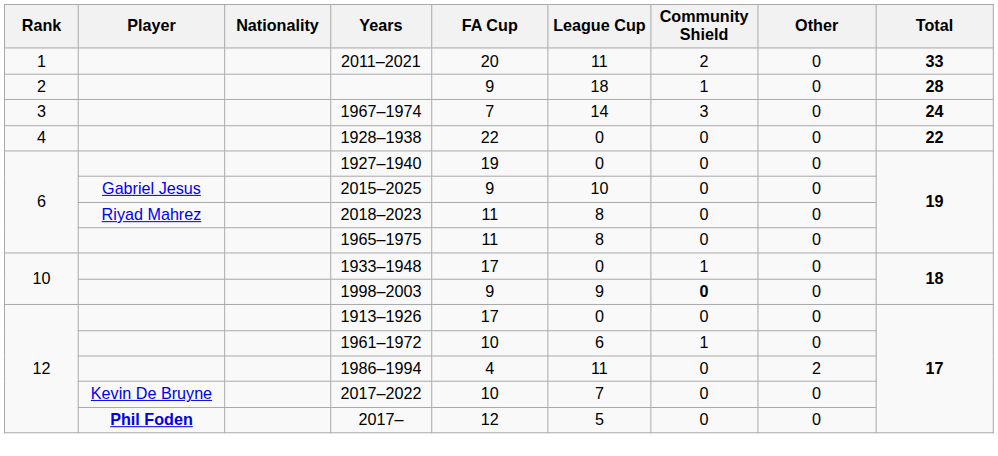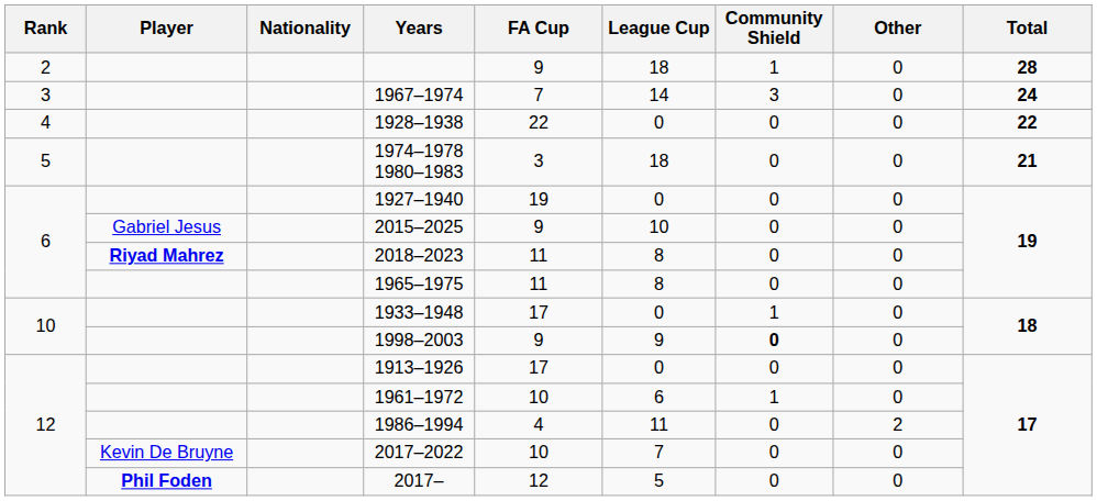 <table class="wikitable sortable" style="text-align:center;width:980px">
 <tr>
 <th width=70px>Rank</th>
 <th width=150px>Player</th>
 <th width=100px>Nationality</th>
 <th width=100px>Years</th>
 <th width=120px>FA Cup</th>
 <th width=100px>League Cup</th>
 <th width=100px>Community Shield</th>
 <th width=120px>Other</th>
 <th width=120px>Total</th>
-</tr>
-<tr>
-<td>1</td>
-<td></td>
-<td align=left></td>
-<td>2011–2021</td>
-<td>20</td>
-<td>11</td>
-<td>2</td>
-<td>0</td>
-<td><strong>33</strong></td>
 </tr>
 <tr>
 <td>2</td>
 <td></td>
 <td align=left></td>
 <td></td>
 <td>9</td>
 <td>18</td>
 <td>1</td>
 <td>0</td>
 <td><strong>28</strong></td>
 </tr>
 <tr>
 <td>3</td>
 <td></td>
 <td align=left></td>
 <td>1967–1974</td>
 <td>7</td>
 <td>14</td>
 <td>3</td>
 <td>0</td>
 <td><strong>24</strong></td>
 </tr>
 <tr>
 <td>4</td>
 <td></td>
 <td align=left></td>
 <td>1928–1938</td>
 <td>22</td>
 <td>0</td>
 <td>0</td>
 <td>0</td>
 <td><strong>22</strong></td>
 </tr>
 <tr>
+<td>5</td>
+<td></td>
+<td align=left></td>
+<td>1974–1978<br>1980–1983</td>
+<td>3</td>
+<td>18</td>
+<td>0</td>
+<td>0</td>
+<td><strong>21</strong></td>
+</tr>
+<tr>
 <td rowspan="4">6</td>
 <td></td>
 <td align=left></td>
 <td>1927–1940</td>
 <td>19</td>
 <td>0</td>
 <td>0</td>
 <td>0</td>
 <td rowspan="4"><strong>19</strong></td>
 </tr>
 <tr>
 <td><a href='#'>Gabriel Jesus</a></td>
 <td></td>
 <td>2015–2025</td>
 <td>9</td>
 <td>10</td>
 <td>0</td>
 <td>0</td>
 </tr>
 <tr>
-<td><a href='#'>Riyad Mahrez</a></td>
+<td><strong><a href='#'>Riyad Mahrez</a></strong></td>
 <td></td>
 <td>2018–2023</td>
 <td>11</td>
 <td>8</td>
 <td>0</td>
 <td>0</td>
 </tr>
 <tr>
 <td></td>
 <td align=left></td>
 <td>1965–1975</td>
 <td>11</td>
 <td>8</td>
 <td>0</td>
 <td>0</td>
 </tr>
 <tr>
 <td rowspan ="2">10</td>
 <td></td>
 <td align="left"></td>
 <td>1933–1948</td>
 <td>17</td>
 <td>0</td>
 <td>1</td>
 <td>0</td>
 <td rowspan ="2"><strong>18</strong></td>
 </tr>
 <tr>
 <td></td>
 <td align="left"></td>
 <td>1998–2003</td>
 <td>9</td>
 <td>9</td>
 <td><strong>0</strong></td>
 <td>0</td>
 </tr>
 <tr>
 <td rowspan="5">12</td>
 <td></td>
 <td align="left"></td>
 <td>1913–1926</td>
 <td>17</td>
 <td>0</td>
 <td>0</td>
 <td>0</td>
 <td rowspan="5"><strong>17</strong></td>
 </tr>
 <tr>
 <td></td>
 <td align=left></td>
 <td>1961–1972</td>
 <td>10</td>
 <td>6</td>
 <td>1</td>
 <td>0</td>
 </tr>
 <tr>
 <td></td>
 <td align="left"></td>
 <td>1986–1994</td>
 <td>4</td>
 <td>11</td>
 <td>0</td>
 <td>2</td>
 </tr>
 <tr>
 <td><a href='#'>Kevin De Bruyne</a></td>
 <td></td>
 <td>2017–2022</td>
 <td>10</td>
 <td>7</td>
 <td>0</td>
 <td>0</td>
 </tr>
 <tr>
 <td><strong><a href='#'>Phil Foden</a></strong></td>
 <td></td>
 <td>2017–</td>
 <td>12</td>
 <td>5</td>
 <td>0</td>
 <td>0</td>
 </tr>
 </table>
